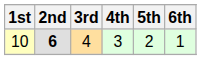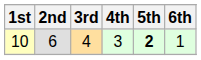 <table class="wikitable" style="font-size: 85%; text-align:center">
 <tr>
 </tr>
 <tr>
 <th>1st</th>
 <th>2nd</th>
 <th>3rd</th>
 <th>4th</th>
 <th>5th</th>
 <th>6th</th>
 </tr>
 <tr>
 <td style="background:#FFFFBF;">10</td>
-<td style="background:#DFDFDF;"><strong>6</strong></td>
+<td style="background:#DFDFDF;">6</td>
 <td style="background:#FFDF9F;">4</td>
 <td style="background:#DFFFDF;">3</td>
-<td style="background:#DFFFDF;">2</td>
+<td style="background:#DFFFDF;"><strong>2</strong></td>
 <td style="background:#DFFFDF;">1</td>
 </tr>
 <tr>
 </tr>
 </table>
